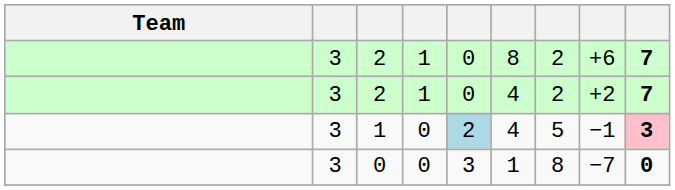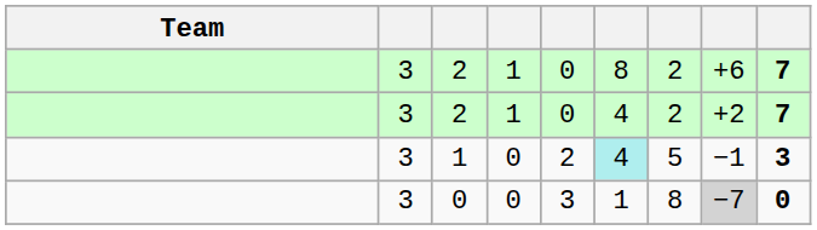 <table class="wikitable" style="text-align: center;">
 <tr>
 <th style="width:175px;">Team</th>
 <th width="20"></th>
 <th width="20"></th>
 <th width="20"></th>
 <th width="20"></th>
 <th width="20"></th>
 <th width="20"></th>
 <th width="20"></th>
 <th width="20"></th>
 </tr>
 <tr style="background:#cfc;">
 <td align=left></td>
 <td>3</td>
 <td>2</td>
 <td>1</td>
 <td>0</td>
 <td>8</td>
 <td>2</td>
 <td>+6</td>
 <td><strong>7</strong></td>
 </tr>
 <tr style="background:#cfc;">
 <td align=left></td>
 <td>3</td>
 <td>2</td>
 <td>1</td>
 <td>0</td>
 <td>4</td>
 <td>2</td>
 <td>+2</td>
 <td><strong>7</strong></td>
 </tr>
 <tr>
 <td align=left></td>
 <td>3</td>
 <td>1</td>
 <td>0</td>
-<td style="background: lightblue;">2</td>
-<td>4</td>
+<td>2</td>
+<td style="background: paleturquoise;">4</td>
 <td>5</td>
 <td>−1</td>
-<td style="background: pink;"><strong>3</strong></td>
+<td><strong>3</strong></td>
 </tr>
 <tr>
 <td align=left></td>
 <td>3</td>
 <td>0</td>
 <td>0</td>
 <td>3</td>
 <td>1</td>
 <td>8</td>
-<td>−7</td>
+<td style="background: lightgrey;">−7</td>
 <td><strong>0</strong></td>
 </tr>
 </table>
